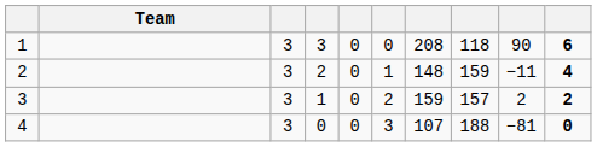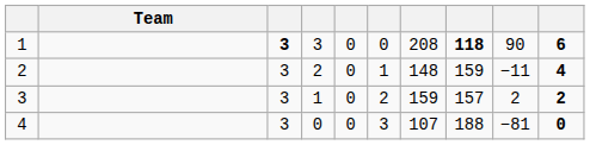 <table class=wikitable style=text-align:center>
 <tr>
 <th width=20 abbr=Position></th>
 <th width=175>Team</th>
 <th width=20 abbr=Played></th>
 <th width=20 abbr=Won></th>
 <th width=20 abbr=Drawn></th>
 <th width=20 abbr=Lost></th>
 <th width=30 abbr=Goal For></th>
 <th width=30 abbr=Goal Against></th>
 <th width=30 abbr=Goal Difference></th>
 <th width=30 abbr=Points></th>
 </tr>
 <tr>
 <td>1 </td>
 <td align=left></td>
-<td>3</td>
+<td><strong>3</strong></td>
 <td>3</td>
 <td>0</td>
 <td>0</td>
 <td>208</td>
-<td>118</td>
+<td><strong>118</strong></td>
 <td>90</td>
 <td><strong>6</strong></td>
 </tr>
 <tr>
 <td>2 </td>
 <td align=left></td>
 <td>3</td>
 <td>2</td>
 <td>0</td>
 <td>1</td>
 <td>148</td>
 <td>159</td>
 <td>−11</td>
 <td><strong>4</strong></td>
 </tr>
 <tr>
 <td>3 </td>
 <td align=left></td>
 <td>3</td>
 <td>1</td>
 <td>0</td>
 <td>2</td>
 <td>159</td>
 <td>157</td>
 <td>2</td>
 <td><strong>2</strong></td>
 </tr>
 <tr>
 <td>4 </td>
 <td align=left></td>
 <td>3</td>
 <td>0</td>
 <td>0</td>
 <td>3</td>
 <td>107</td>
 <td>188</td>
 <td>−81</td>
 <td><strong>0</strong></td>
 </tr>
 </table>
